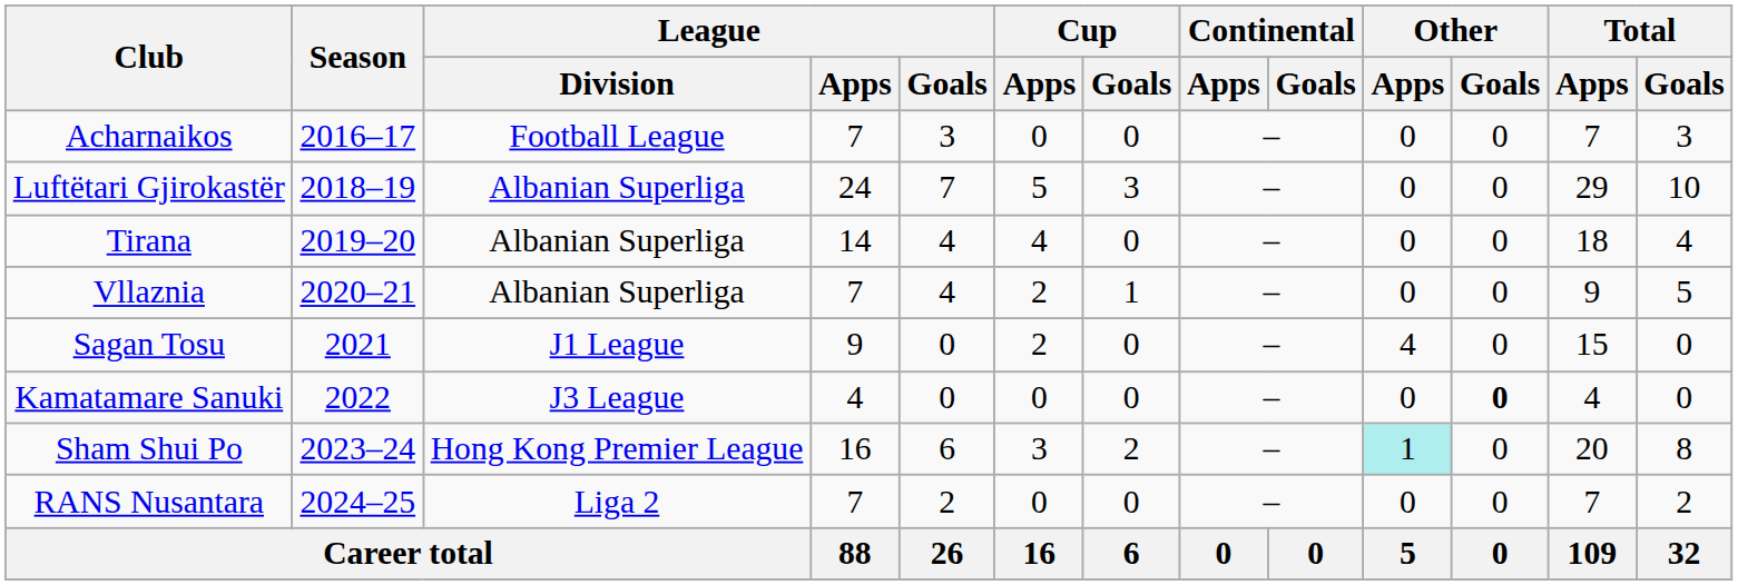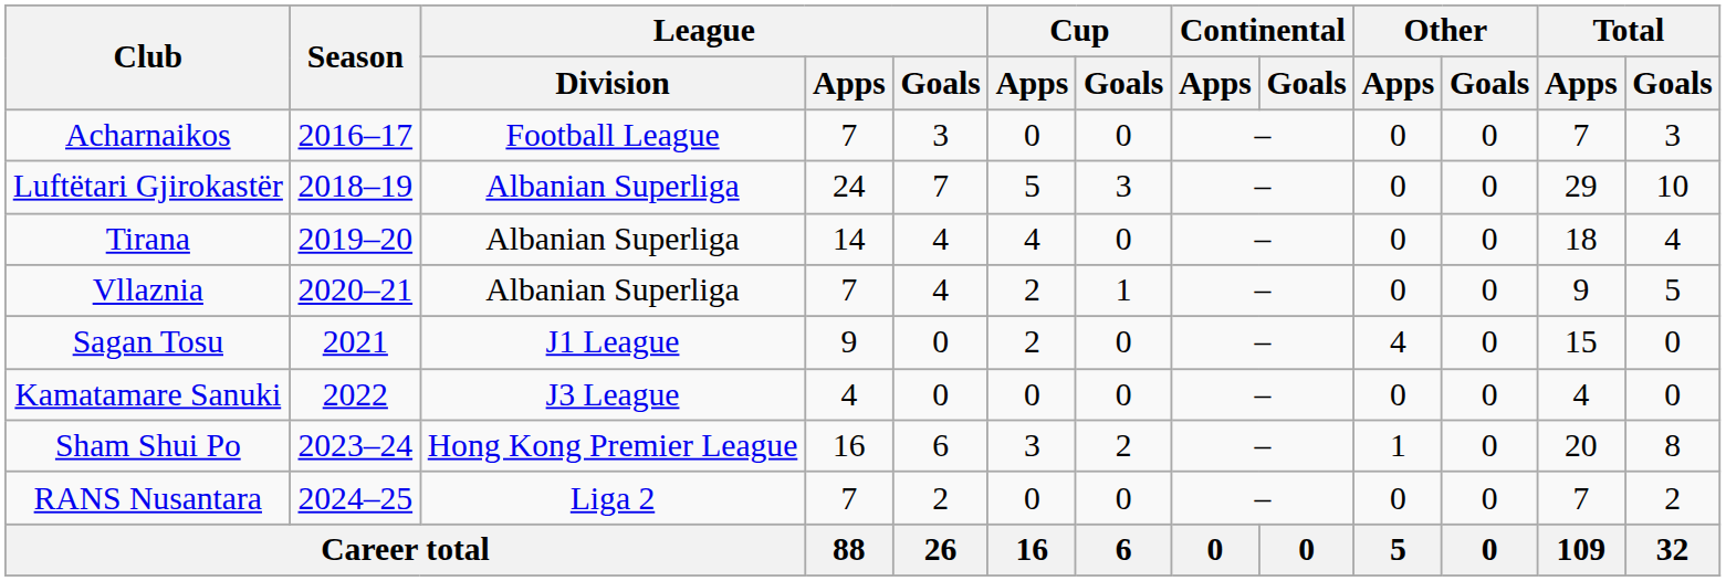 <table class="wikitable" style="text-align: center">
 <tr>
 <th rowspan="2">Club</th>
 <th rowspan="2">Season</th>
 <th colspan="3">League</th>
 <th colspan="2">Cup</th>
 <th colspan="2">Continental</th>
 <th colspan="2">Other</th>
 <th colspan="2">Total</th>
 </tr>
 <tr>
 <th>Division</th>
 <th>Apps</th>
 <th>Goals</th>
 <th>Apps</th>
 <th>Goals</th>
 <th>Apps</th>
 <th>Goals</th>
 <th>Apps</th>
 <th>Goals</th>
 <th>Apps</th>
 <th>Goals</th>
 </tr>
 <tr>
 <td><a href='#'>Acharnaikos</a></td>
 <td><a href='#'>2016–17</a></td>
 <td><a href='#'>Football League</a></td>
 <td>7</td>
 <td>3</td>
 <td>0</td>
 <td>0</td>
 <td colspan="2">–</td>
 <td>0</td>
 <td>0</td>
 <td>7</td>
 <td>3</td>
 </tr>
 <tr>
 <td><a href='#'>Luftëtari Gjirokastër</a></td>
 <td><a href='#'>2018–19</a></td>
 <td><a href='#'>Albanian Superliga</a></td>
 <td>24</td>
 <td>7</td>
 <td>5</td>
 <td>3</td>
 <td colspan="2">–</td>
 <td>0</td>
 <td>0</td>
 <td>29</td>
 <td>10</td>
 </tr>
 <tr>
 <td><a href='#'>Tirana</a></td>
 <td><a href='#'>2019–20</a></td>
 <td>Albanian Superliga</td>
 <td>14</td>
 <td>4</td>
 <td>4</td>
 <td>0</td>
 <td colspan="2">–</td>
 <td>0</td>
 <td>0</td>
 <td>18</td>
 <td>4</td>
 </tr>
 <tr>
 <td><a href='#'>Vllaznia</a></td>
 <td><a href='#'>2020–21</a></td>
 <td>Albanian Superliga</td>
 <td>7</td>
 <td>4</td>
 <td>2</td>
 <td>1</td>
 <td colspan="2">–</td>
 <td>0</td>
 <td>0</td>
 <td>9</td>
 <td>5</td>
 </tr>
 <tr>
 <td><a href='#'>Sagan Tosu</a></td>
 <td><a href='#'>2021</a></td>
 <td><a href='#'>J1 League</a></td>
 <td>9</td>
 <td>0</td>
 <td>2</td>
 <td>0</td>
 <td colspan="2">–</td>
 <td>4</td>
 <td>0</td>
 <td>15</td>
 <td>0</td>
 </tr>
 <tr>
 <td><a href='#'>Kamatamare Sanuki</a></td>
 <td><a href='#'>2022</a></td>
 <td><a href='#'>J3 League</a></td>
 <td>4</td>
 <td>0</td>
 <td>0</td>
 <td>0</td>
 <td colspan="2">–</td>
 <td>0</td>
-<td><strong>0</strong></td>
+<td>0</td>
 <td>4</td>
 <td>0</td>
 </tr>
 <tr>
 <td><a href='#'>Sham Shui Po</a></td>
 <td><a href='#'>2023–24</a></td>
 <td><a href='#'>Hong Kong Premier League</a></td>
 <td>16</td>
 <td>6</td>
 <td>3</td>
 <td>2</td>
 <td colspan="2">–</td>
-<td style="background: paleturquoise;">1</td>
+<td>1</td>
 <td>0</td>
 <td>20</td>
 <td>8</td>
 </tr>
 <tr>
 <td><a href='#'>RANS Nusantara</a></td>
 <td><a href='#'>2024–25</a></td>
 <td><a href='#'>Liga 2</a></td>
 <td>7</td>
 <td>2</td>
 <td>0</td>
 <td>0</td>
 <td colspan="2">–</td>
 <td>0</td>
 <td>0</td>
 <td>7</td>
 <td>2</td>
 </tr>
 <tr>
 <th colspan="3"><strong>Career total</strong></th>
 <th>88</th>
 <th>26</th>
 <th>16</th>
 <th>6</th>
 <th>0</th>
 <th>0</th>
 <th>5</th>
 <th>0</th>
 <th>109</th>
 <th>32</th>
 </tr>
 </table>
